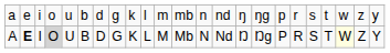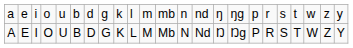 <table class="wikitable">
 <tr>
 <td>a</td>
 <td>e</td>
 <td>i</td>
 <td>o</td>
 <td>u</td>
 <td>b</td>
 <td>d</td>
 <td>g</td>
 <td>k</td>
 <td>l</td>
 <td>m</td>
 <td>mb</td>
 <td>n</td>
 <td>nd</td>
 <td>ŋ</td>
 <td>ŋg</td>
 <td>p</td>
 <td>r</td>
 <td>s</td>
 <td>t</td>
 <td>w</td>
 <td>z</td>
 <td>y</td>
 </tr>
 <tr>
 <td>A</td>
-<td><strong>E</strong></td>
+<td>E</td>
 <td>I</td>
-<td style="background: lightgrey;">O</td>
+<td>O</td>
 <td>U</td>
 <td>B</td>
 <td>D</td>
 <td>G</td>
 <td>K</td>
 <td>L</td>
 <td>M</td>
 <td>Mb</td>
 <td>N</td>
 <td>Nd</td>
 <td>Ŋ</td>
 <td>Ŋg</td>
 <td>P</td>
 <td>R</td>
 <td>S</td>
 <td>T</td>
-<td style="background: lightyellow;">W</td>
+<td>W</td>
 <td>Z</td>
 <td>Y</td>
 </tr>
 </table>
